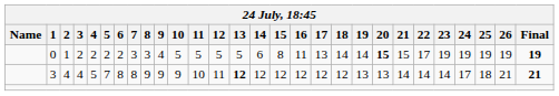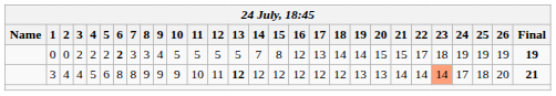 <table class=wikitable style="text-align:center; width: 55%">
 <tr>
 <th colspan=32><em>24 July, 18:45</em></th>
 </tr>
 <tr>
 <th>Name</th>
 <th>1</th>
 <th>2</th>
 <th>3</th>
 <th>4</th>
 <th>5</th>
 <th>6</th>
 <th>7</th>
 <th>8</th>
 <th>9</th>
 <th>10</th>
 <th>11</th>
 <th>12</th>
 <th>13</th>
 <th>14</th>
 <th>15</th>
 <th>16</th>
 <th>17</th>
 <th>18</th>
 <th>19</th>
 <th>20</th>
 <th>21</th>
 <th>22</th>
 <th>23</th>
 <th>24</th>
 <th>25</th>
 <th>26</th>
 <th>Final</th>
 </tr>
 <tr>
 <td align=left></td>
 <td>0</td>
-<td>1</td>
+<td>0</td>
 <td>2</td>
 <td>2</td>
 <td>2</td>
-<td>2</td>
+<td><strong>2</strong></td>
 <td>3</td>
 <td>3</td>
 <td>4</td>
 <td>5</td>
 <td>5</td>
 <td>5</td>
 <td>5</td>
-<td>6</td>
+<td>7</td>
 <td>8</td>
-<td>11</td>
+<td>12</td>
 <td>13</td>
 <td>14</td>
 <td>14</td>
-<td><strong>15</strong></td>
+<td>15</td>
 <td>15</td>
 <td>17</td>
-<td>19</td>
+<td>18</td>
 <td>19</td>
 <td>19</td>
 <td>19</td>
 <td><strong>19</strong></td>
 </tr>
 <tr>
 <td align=left><strong></strong></td>
 <td>3</td>
 <td>4</td>
 <td>4</td>
 <td>5</td>
-<td>7</td>
+<td>6</td>
 <td>8</td>
 <td>8</td>
 <td>9</td>
 <td>9</td>
 <td>9</td>
 <td>10</td>
 <td>11</td>
 <td><strong>12</strong></td>
 <td>12</td>
 <td>12</td>
 <td>12</td>
 <td>12</td>
 <td>12</td>
 <td>13</td>
 <td>13</td>
 <td>14</td>
 <td>14</td>
-<td>14</td>
+<td style="background: lightsalmon;">14</td>
 <td>17</td>
 <td>18</td>
-<td>21</td>
+<td>20</td>
 <td><strong>21</strong></td>
 </tr>
 <tr>
 <td colspan=32></td>
 </tr>
 </table>
